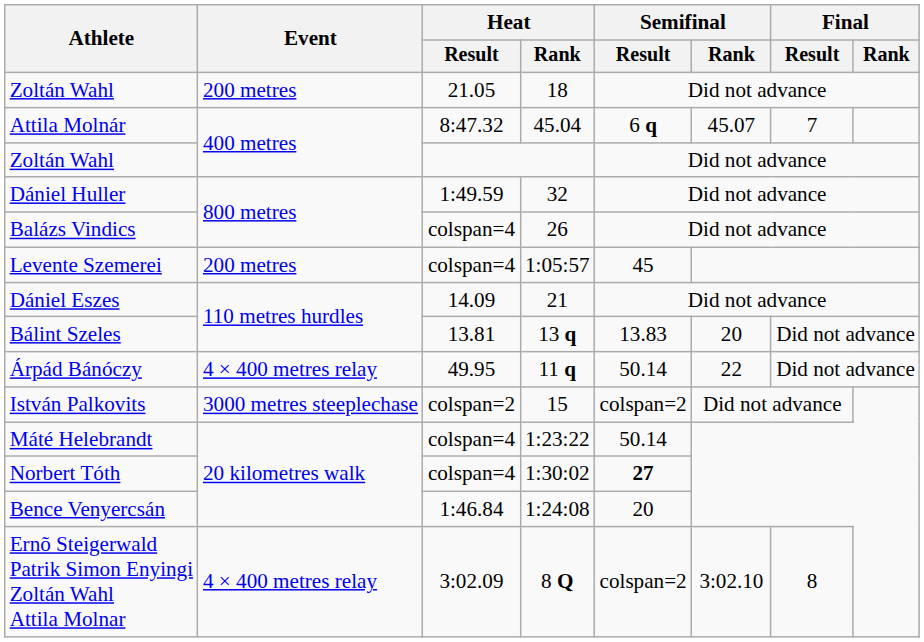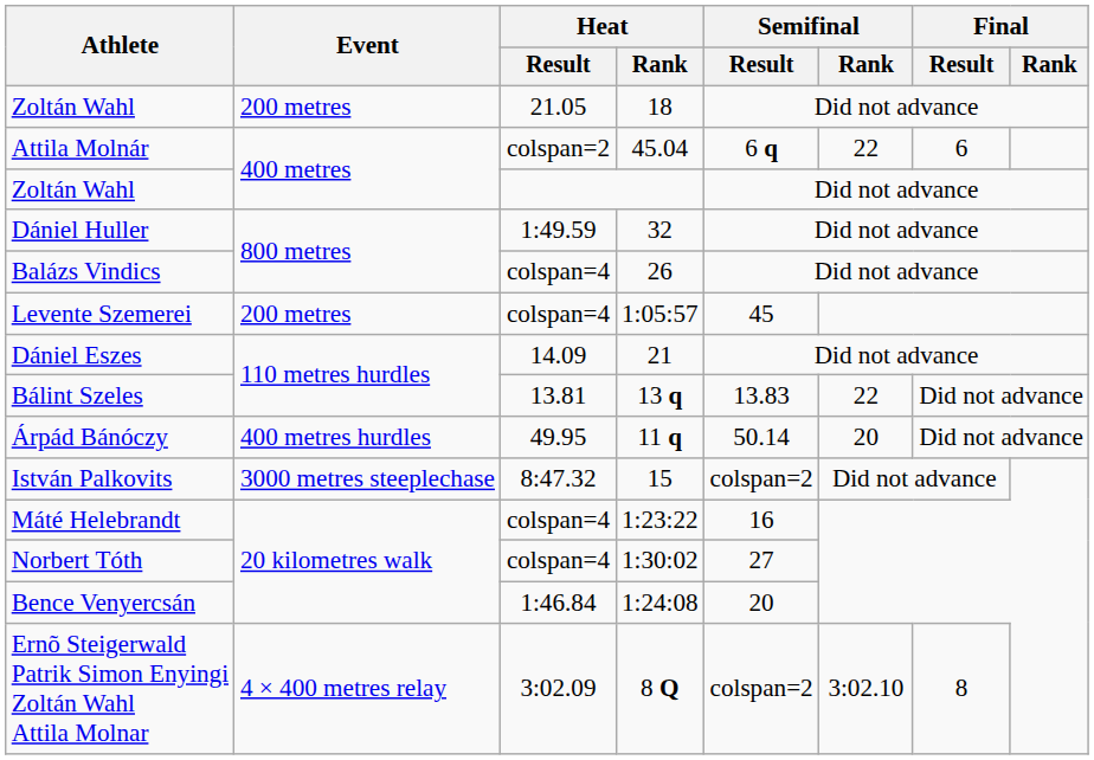 <table class=wikitable style=font-size:90%>
 <tr>
 <th rowspan=2>Athlete</th>
 <th rowspan=2>Event</th>
 <th colspan=2>Heat</th>
 <th colspan=2>Semifinal</th>
 <th colspan=2>Final</th>
 </tr>
 <tr style=font-size:95%>
 <th>Result</th>
 <th>Rank</th>
 <th>Result</th>
 <th>Rank</th>
 <th>Result</th>
 <th>Rank</th>
 </tr>
 <tr align=center>
 <td align=left><a href='#'>Zoltán Wahl</a></td>
 <td align=left><a href='#'>200 metres</a></td>
 <td>21.05 </td>
 <td>18</td>
 <td colspan=4>Did not advance</td>
 </tr>
 <tr align=center>
 <td align=left><a href='#'>Attila Molnár</a></td>
 <td align=left rowspan=2><a href='#'>400 metres</a></td>
-<td>8:47.32</td>
+<td>colspan=2</td>
 <td>45.04 </td>
 <td>6 <strong>q</strong></td>
-<td>45.07</td>
-<td>7</td>
+<td>22</td>
+<td>6</td>
 </tr>
 <tr align=center>
 <td align=left><a href='#'>Zoltán Wahl</a></td>
 <td colspan=2></td>
 <td colspan=4>Did not advance</td>
 </tr>
 <tr align=center>
 <td align=left><a href='#'>Dániel Huller</a></td>
 <td align=left rowspan=2><a href='#'>800 metres</a></td>
 <td>1:49.59</td>
 <td>32</td>
 <td colspan=4>Did not advance</td>
 </tr>
 <tr align=center>
 <td align=left><a href='#'>Balázs Vindics</a></td>
 <td>colspan=4</td>
 <td>26</td>
 <td colspan=4>Did not advance</td>
 </tr>
 <tr align=center>
 <td align=left><a href='#'>Levente Szemerei</a></td>
 <td align=left><a href='#'>200 metres</a></td>
 <td>colspan=4</td>
 <td>1:05:57 </td>
 <td>45</td>
 </tr>
 <tr align=center>
 <td align=left><a href='#'>Dániel Eszes</a></td>
 <td align=left rowspan=2><a href='#'>110 metres hurdles</a></td>
 <td>14.09</td>
 <td>21</td>
 <td colspan=4>Did not advance</td>
 </tr>
 <tr align=center>
 <td align=left><a href='#'>Bálint Szeles</a></td>
 <td>13.81</td>
 <td>13 <strong>q</strong></td>
 <td>13.83</td>
-<td>20</td>
+<td>22</td>
 <td colspan=2>Did not advance</td>
 </tr>
 <tr align=center>
 <td align=left><a href='#'>Árpád Bánóczy</a></td>
-<td align=left><a href='#'>4 × 400 metres relay</a></td>
+<td align=left><a href='#'>400 metres hurdles</a></td>
 <td>49.95</td>
 <td>11 <strong>q</strong></td>
 <td>50.14</td>
-<td>22</td>
+<td>20</td>
 <td colspan=2>Did not advance</td>
 </tr>
 <tr align=center>
 <td align=left><a href='#'>István Palkovits</a></td>
 <td align=left><a href='#'>3000 metres steeplechase</a></td>
-<td>colspan=2</td>
+<td>8:47.32</td>
 <td>15</td>
 <td>colspan=2</td>
 <td colspan=2>Did not advance</td>
 </tr>
 <tr align=center>
 <td align=left><a href='#'>Máté Helebrandt</a></td>
 <td align=left rowspan=3><a href='#'>20 kilometres walk</a></td>
 <td>colspan=4</td>
 <td>1:23:22</td>
-<td>50.14</td>
+<td>16</td>
 </tr>
 <tr align=center>
 <td align=left><a href='#'>Norbert Tóth</a></td>
 <td>colspan=4</td>
 <td>1:30:02</td>
-<td><strong>27</strong></td>
+<td>27</td>
 </tr>
 <tr align=center>
 <td align=left><a href='#'>Bence Venyercsán</a></td>
 <td>1:46.84 </td>
 <td>1:24:08</td>
 <td>20</td>
 </tr>
 <tr align=center>
 <td align=left><a href='#'>Ernõ Steigerwald</a><br><a href='#'>Patrik Simon Enyingi</a><br><a href='#'>Zoltán Wahl</a><br><a href='#'>Attila Molnar</a></td>
 <td align=left><a href='#'>4 × 400 metres relay</a></td>
 <td>3:02.09 </td>
 <td>8 <strong>Q</strong></td>
 <td>colspan=2</td>
 <td>3:02.10</td>
 <td>8</td>
 </tr>
 </table>
